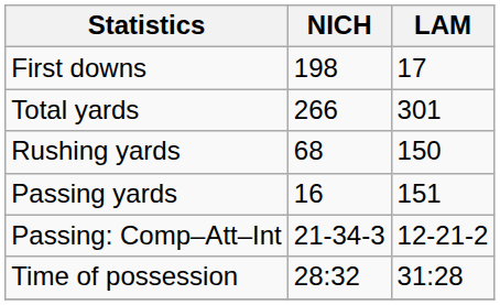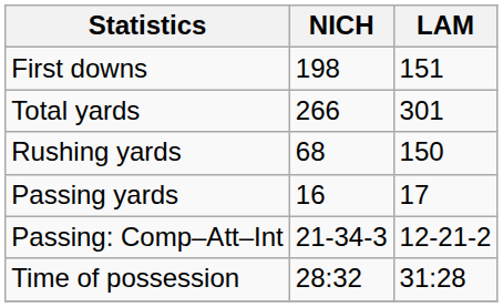 <table class="wikitable" style="float: left;">
 <tr>
 <th>Statistics</th>
 <th>NICH</th>
 <th>LAM</th>
 </tr>
 <tr>
 <td>First downs</td>
 <td>198</td>
-<td>17</td>
+<td>151</td>
 </tr>
 <tr>
 <td>Total yards</td>
 <td>266</td>
 <td>301</td>
 </tr>
 <tr>
 <td>Rushing yards</td>
 <td>68</td>
 <td>150</td>
 </tr>
 <tr>
 <td>Passing yards</td>
 <td>16</td>
-<td>151</td>
+<td>17</td>
 </tr>
 <tr>
 <td>Passing: Comp–Att–Int</td>
 <td>21-34-3</td>
 <td>12-21-2</td>
 </tr>
 <tr>
 <td>Time of possession</td>
 <td>28:32</td>
 <td>31:28</td>
 </tr>
 <tr>
 </tr>
 </table>
